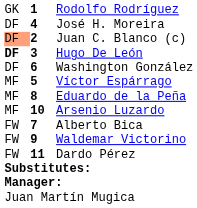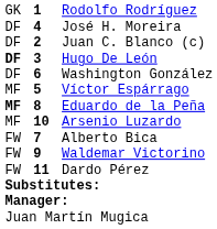 <table cellspacing="0" cellpadding="0" style="font-size:90%; margin:0.2em auto;">
 <tr>
 <th width="25"></th>
 <th width="25"></th>
 </tr>
 <tr>
 <td>GK</td>
 <td><strong>1</strong></td>
 <td> <a href='#'>Rodolfo Rodríguez</a></td>
 </tr>
 <tr>
 <td>DF</td>
 <td><strong>4 </strong></td>
 <td> José H. Moreira</td>
 </tr>
 <tr>
-<td style="background: lightsalmon;">DF</td>
+<td>DF</td>
 <td><strong>2 </strong></td>
 <td> Juan C. Blanco (c)</td>
 </tr>
 <tr>
 <td><strong>DF</strong></td>
 <td><strong>3 </strong></td>
 <td> <a href='#'>Hugo De León</a></td>
 </tr>
 <tr>
 <td>DF</td>
 <td><strong>6</strong></td>
 <td> Washington González</td>
 </tr>
 <tr>
 <td>MF</td>
 <td><strong>5</strong></td>
 <td> <a href='#'>Víctor Espárrago</a></td>
 </tr>
 <tr>
-<td>MF</td>
+<td><strong>MF</strong></td>
 <td><strong>8</strong></td>
 <td> <a href='#'>Eduardo de la Peña</a></td>
 </tr>
 <tr>
 <td>MF</td>
 <td><strong>10</strong></td>
 <td> <a href='#'>Arsenio Luzardo</a></td>
 </tr>
 <tr>
 <td>FW</td>
 <td><strong>7</strong></td>
 <td> Alberto Bica</td>
 </tr>
 <tr>
 <td>FW</td>
 <td><strong>9</strong></td>
 <td> <a href='#'>Waldemar Victorino</a></td>
 </tr>
 <tr>
 <td>FW</td>
 <td><strong> 11</strong></td>
 <td> Dardo Pérez</td>
 </tr>
 <tr>
 <td colspan=3><strong>Substitutes:</strong></td>
 </tr>
 <tr>
 <td></td>
 <td></td>
 <td></td>
 <td></td>
 <td></td>
 </tr>
 <tr>
 <td colspan=3><strong>Manager:</strong></td>
 </tr>
 <tr>
 <td colspan=4> Juan Martín Mugica</td>
 </tr>
 </table>
